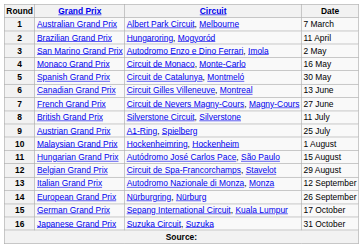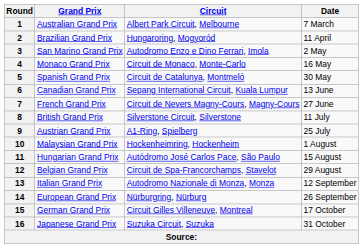 <table class="wikitable" style="font-size: 85%;">
 <tr>
 <th>Round</th>
 <th><a href='#'>Grand Prix</a></th>
 <th><a href='#'>Circuit</a></th>
 <th>Date</th>
 </tr>
 <tr>
 <th>1</th>
 <td><a href='#'>Australian Grand Prix</a></td>
 <td> <a href='#'>Albert Park Circuit</a>, <a href='#'>Melbourne</a></td>
 <td>7 March</td>
 </tr>
 <tr>
 <th>2</th>
 <td><a href='#'>Brazilian Grand Prix</a></td>
 <td> <a href='#'>Hungaroring</a>, <a href='#'>Mogyoród</a></td>
 <td>11 April</td>
 </tr>
 <tr>
 <th>3</th>
 <td><a href='#'>San Marino Grand Prix</a></td>
 <td> <a href='#'>Autodromo Enzo e Dino Ferrari</a>, <a href='#'>Imola</a></td>
 <td>2 May</td>
 </tr>
 <tr>
 <th>4</th>
 <td><a href='#'>Monaco Grand Prix</a></td>
 <td> <a href='#'>Circuit de Monaco</a>, <a href='#'>Monte-Carlo</a></td>
 <td>16 May</td>
 </tr>
 <tr>
 <th>5</th>
 <td><a href='#'>Spanish Grand Prix</a></td>
 <td> <a href='#'>Circuit de Catalunya</a>, <a href='#'>Montmeló</a></td>
 <td>30 May</td>
 </tr>
 <tr>
 <th>6</th>
 <td><a href='#'>Canadian Grand Prix</a></td>
-<td> <a href='#'>Circuit Gilles Villeneuve</a>, <a href='#'>Montreal</a></td>
+<td> <a href='#'>Sepang International Circuit</a>, <a href='#'>Kuala Lumpur</a></td>
 <td>13 June</td>
 </tr>
 <tr>
 <th>7</th>
 <td><a href='#'>French Grand Prix</a></td>
 <td> <a href='#'>Circuit de Nevers Magny-Cours</a>, <a href='#'>Magny-Cours</a></td>
 <td>27 June</td>
 </tr>
 <tr>
 <th>8</th>
 <td><a href='#'>British Grand Prix</a></td>
 <td> <a href='#'>Silverstone Circuit</a>, <a href='#'>Silverstone</a></td>
 <td>11 July</td>
 </tr>
 <tr>
 <th>9</th>
 <td><a href='#'>Austrian Grand Prix</a></td>
 <td> <a href='#'>A1-Ring</a>, <a href='#'>Spielberg</a></td>
 <td>25 July</td>
 </tr>
 <tr>
 <th>10</th>
 <td><a href='#'>Malaysian Grand Prix</a></td>
 <td> <a href='#'>Hockenheimring</a>, <a href='#'>Hockenheim</a></td>
 <td>1 August</td>
 </tr>
 <tr>
 <th>11</th>
 <td><a href='#'>Hungarian Grand Prix</a></td>
 <td> <a href='#'>Autódromo José Carlos Pace</a>, <a href='#'>São Paulo</a></td>
 <td>15 August</td>
 </tr>
 <tr>
 <th>12</th>
 <td><a href='#'>Belgian Grand Prix</a></td>
 <td> <a href='#'>Circuit de Spa-Francorchamps</a>, <a href='#'>Stavelot</a></td>
 <td>29 August</td>
 </tr>
 <tr>
 <th>13</th>
 <td><a href='#'>Italian Grand Prix</a></td>
 <td> <a href='#'>Autodromo Nazionale di Monza</a>, <a href='#'>Monza</a></td>
 <td>12 September</td>
 </tr>
 <tr>
 <th>14</th>
 <td><a href='#'>European Grand Prix</a></td>
 <td> <a href='#'>Nürburgring</a>, <a href='#'>Nürburg</a></td>
 <td>26 September</td>
 </tr>
 <tr>
 <th>15</th>
 <td><a href='#'>German Grand Prix</a></td>
-<td> <a href='#'>Sepang International Circuit</a>, <a href='#'>Kuala Lumpur</a></td>
+<td> <a href='#'>Circuit Gilles Villeneuve</a>, <a href='#'>Montreal</a></td>
 <td>17 October</td>
 </tr>
 <tr>
 <th>16</th>
 <td><a href='#'>Japanese Grand Prix</a></td>
 <td> <a href='#'>Suzuka Circuit</a>, <a href='#'>Suzuka</a></td>
 <td>31 October</td>
 </tr>
 <tr>
 <th colspan="4" align="center">Source:</th>
 </tr>
 </table>
